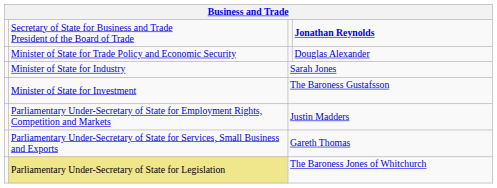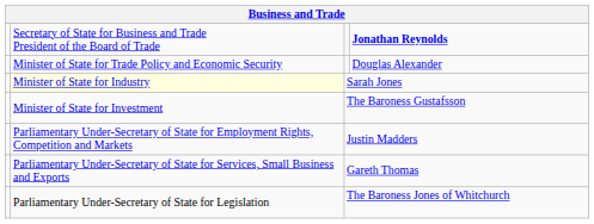 <table class="wikitable">
 <tr>
 <th colspan="4"><a href='#'>Business and Trade</a></th>
 </tr>
 <tr>
 <td style="background: "></td>
 <td style="width: 450px;"><a href='#'>Secretary of State for Business and Trade</a><br><a href='#'>President of the Board of Trade</a></td>
 <td style="background: "></td>
 <td style="width: 320px;"><strong><a href='#'>Jonathan Reynolds</a></strong></td>
 </tr>
 <tr>
 <td style="background: "></td>
 <td><a href='#'>Minister of State for Trade Policy and Economic Security</a></td>
 <td style="background: "></td>
 <td colspan="2"><a href='#'>Douglas Alexander</a><br></td>
 </tr>
 <tr>
 <td style="background: "></td>
-<td><a href='#'>Minister of State for Industry</a></td>
+<td style="background: lightyellow;"><a href='#'>Minister of State for Industry</a></td>
 <td colspan=2><a href='#'>Sarah Jones</a><br></td>
 </tr>
 <tr>
 <td style="background: "></td>
 <td><a href='#'>Minister of State for Investment</a></td>
 <td colspan=2><a href='#'>The Baroness Gustafsson</a><br><br></td>
 </tr>
 <tr>
 <td style="background: "></td>
 <td><a href='#'>Parliamentary Under-Secretary of State for Employment Rights, Competition and Markets</a></td>
 <td colspan=2><a href='#'>Justin Madders</a></td>
 </tr>
 <tr>
 <td style="background: "></td>
 <td><a href='#'>Parliamentary Under-Secretary of State for Services, Small Business and Exports</a></td>
 <td colspan="2"><a href='#'>Gareth Thomas</a></td>
 </tr>
 <tr>
 <td style="background: "></td>
-<td style="background: khaki;">Parliamentary Under-Secretary of State for Legislation</td>
+<td>Parliamentary Under-Secretary of State for Legislation</td>
 <td colspan=2><a href='#'>The Baroness Jones of Whitchurch</a><br><br></td>
 </tr>
 </table>
